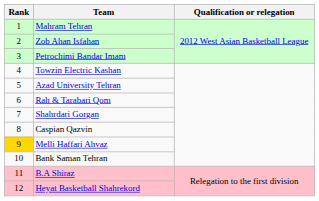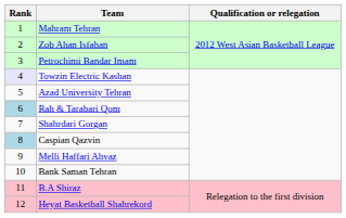 <table class="wikitable" style="text-align:center; font-size:90%">
 <tr>
 <th width=40>Rank</th>
 <th width=220>Team</th>
 <th width=220>Qualification or relegation</th>
 </tr>
 <tr bgcolor=ccffcc>
 <td>1</td>
 <td align="left"><a href='#'>Mahram Tehran</a></td>
 <td rowspan=3><a href='#'>2012 West Asian Basketball League</a></td>
 </tr>
 <tr bgcolor=ccffcc>
 <td>2</td>
 <td align="left"><a href='#'>Zob Ahan Isfahan</a></td>
 </tr>
 <tr bgcolor=ccffcc>
 <td>3</td>
 <td align="left"><a href='#'>Petrochimi Bandar Imam</a></td>
 </tr>
 <tr>
-<td>4</td>
+<td style="background: lavender;">4</td>
 <td align="left"><a href='#'>Towzin Electric Kashan</a></td>
 <td rowspan=7></td>
 </tr>
 <tr>
 <td>5</td>
 <td align="left"><a href='#'>Azad University Tehran</a></td>
 </tr>
 <tr>
-<td>6</td>
+<td style="background: lightblue;">6</td>
 <td align="left"><a href='#'>Rah & Tarabari Qom</a></td>
 </tr>
 <tr>
 <td>7</td>
 <td align="left"><a href='#'>Shahrdari Gorgan</a></td>
 </tr>
 <tr>
-<td>8</td>
+<td style="background: lightblue;">8</td>
 <td align="left">Caspian Qazvin</td>
 </tr>
 <tr>
-<td style="background: gold;">9</td>
+<td>9</td>
 <td align="left"><a href='#'>Melli Haffari Ahvaz</a></td>
 </tr>
 <tr>
 <td>10</td>
 <td align="left">Bank Saman Tehran</td>
 </tr>
 <tr bgcolor=pink>
 <td>11</td>
 <td align="left"><a href='#'>B.A Shiraz</a></td>
 <td rowspan=2>Relegation to the first division</td>
 </tr>
 <tr bgcolor=pink>
 <td>12</td>
 <td align="left"><a href='#'>Heyat Basketball Shahrekord</a></td>
 </tr>
 </table>
